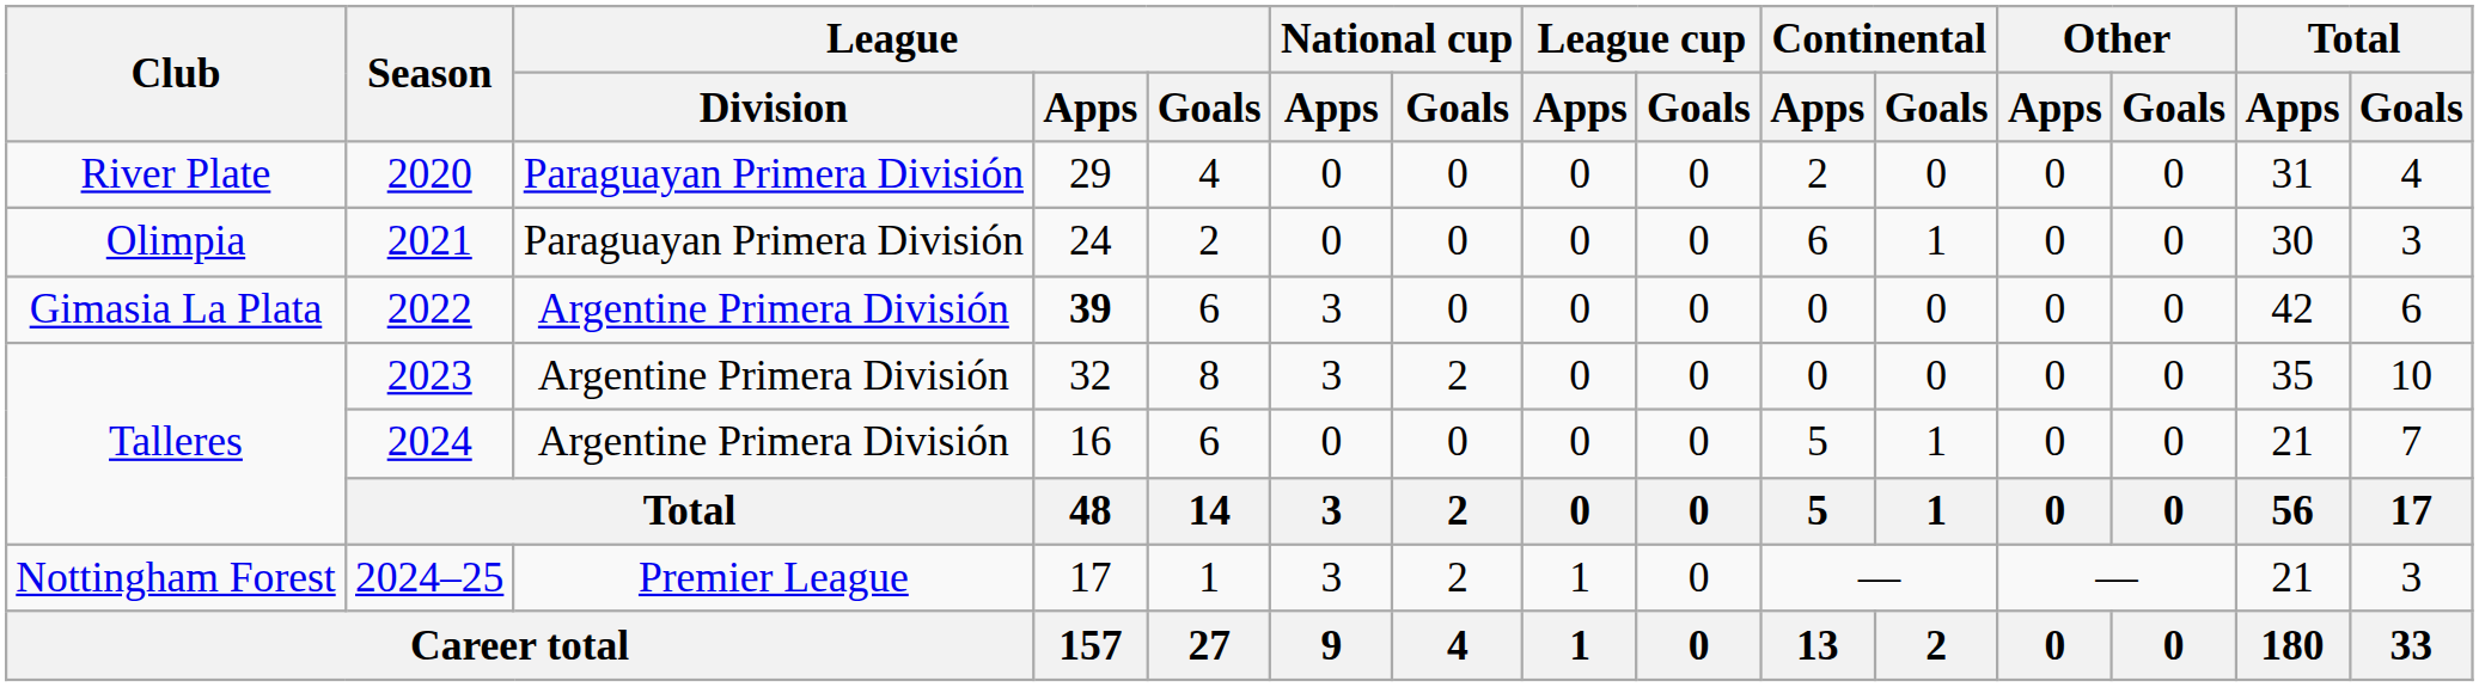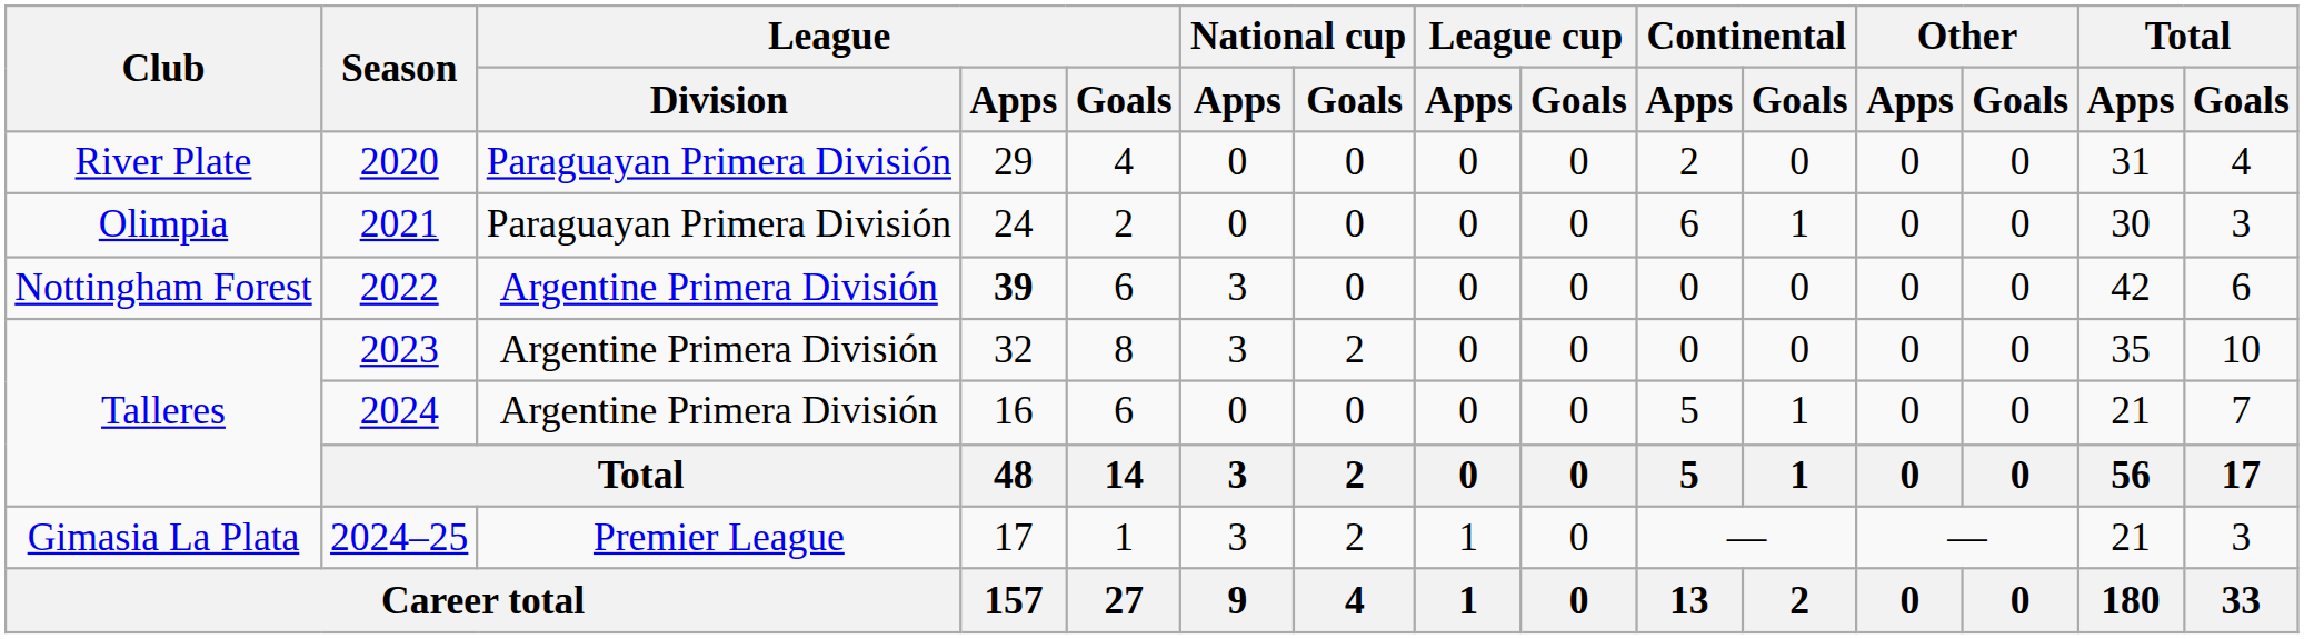 <table class="wikitable" style="text-align: center">
 <tr>
 <th rowspan="2">Club</th>
 <th rowspan="2">Season</th>
 <th colspan="3">League</th>
 <th colspan="2">National cup</th>
 <th colspan="2">League cup</th>
 <th colspan="2">Continental</th>
 <th colspan="2">Other</th>
 <th colspan="2">Total</th>
 </tr>
 <tr>
 <th>Division</th>
 <th>Apps</th>
 <th>Goals</th>
 <th>Apps</th>
 <th>Goals</th>
 <th>Apps</th>
 <th>Goals</th>
 <th>Apps</th>
 <th>Goals</th>
 <th>Apps</th>
 <th>Goals</th>
 <th>Apps</th>
 <th>Goals</th>
 </tr>
 <tr>
 <td><a href='#'>River Plate</a></td>
 <td><a href='#'>2020</a></td>
 <td><a href='#'>Paraguayan Primera División</a></td>
 <td>29</td>
 <td>4</td>
 <td>0</td>
 <td>0</td>
 <td>0</td>
 <td>0</td>
 <td>2</td>
 <td>0</td>
 <td>0</td>
 <td>0</td>
 <td>31</td>
 <td>4</td>
 </tr>
 <tr>
 <td><a href='#'>Olimpia</a></td>
 <td><a href='#'>2021</a></td>
 <td>Paraguayan Primera División</td>
 <td>24</td>
 <td>2</td>
 <td>0</td>
 <td>0</td>
 <td>0</td>
 <td>0</td>
 <td>6</td>
 <td>1</td>
 <td>0</td>
 <td>0</td>
 <td>30</td>
 <td>3</td>
 </tr>
 <tr>
-<td><a href='#'>Gimasia La Plata</a></td>
+<td><a href='#'>Nottingham Forest</a></td>
 <td><a href='#'>2022</a></td>
 <td><a href='#'>Argentine Primera División</a></td>
 <td><strong>39</strong></td>
 <td>6</td>
 <td>3</td>
 <td>0</td>
 <td>0</td>
 <td>0</td>
 <td>0</td>
 <td>0</td>
 <td>0</td>
 <td>0</td>
 <td>42</td>
 <td>6</td>
 </tr>
 <tr>
 <td rowspan="3"><a href='#'>Talleres</a></td>
 <td><a href='#'>2023</a></td>
 <td>Argentine Primera División</td>
 <td>32</td>
 <td>8</td>
 <td>3</td>
 <td>2</td>
 <td>0</td>
 <td>0</td>
 <td>0</td>
 <td>0</td>
 <td>0</td>
 <td>0</td>
 <td>35</td>
 <td>10</td>
 </tr>
 <tr>
 <td><a href='#'>2024</a></td>
 <td>Argentine Primera División</td>
 <td>16</td>
 <td>6</td>
 <td>0</td>
 <td>0</td>
 <td>0</td>
 <td>0</td>
 <td>5</td>
 <td>1</td>
 <td>0</td>
 <td>0</td>
 <td>21</td>
 <td>7</td>
 </tr>
 <tr>
 <th colspan="2">Total</th>
 <th>48</th>
 <th>14</th>
 <th>3</th>
 <th>2</th>
 <th>0</th>
 <th>0</th>
 <th>5</th>
 <th>1</th>
 <th>0</th>
 <th>0</th>
 <th>56</th>
 <th>17</th>
 </tr>
 <tr>
-<td><a href='#'>Nottingham Forest</a></td>
+<td><a href='#'>Gimasia La Plata</a></td>
 <td><a href='#'>2024–25</a></td>
 <td><a href='#'>Premier League</a></td>
 <td>17</td>
 <td>1</td>
 <td>3</td>
 <td>2</td>
 <td>1</td>
 <td>0</td>
 <td colspan="2">—</td>
 <td colspan="2">—</td>
 <td>21</td>
 <td>3</td>
 </tr>
 <tr>
 <th colspan="3">Career total</th>
 <th>157</th>
 <th>27</th>
 <th>9</th>
 <th>4</th>
 <th>1</th>
 <th>0</th>
 <th>13</th>
 <th>2</th>
 <th>0</th>
 <th>0</th>
 <th>180</th>
 <th>33</th>
 </tr>
 </table>
